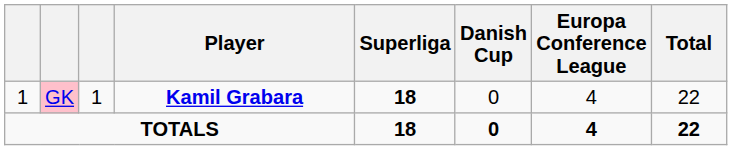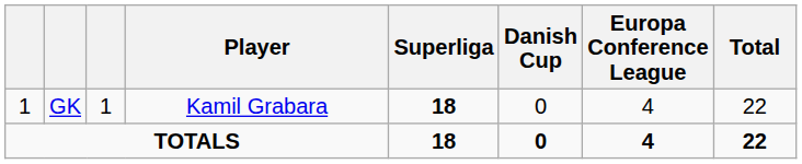 <table class="wikitable sortable" style="font-size: 95%; text-align: center;">
 <tr>
 <th width=20></th>
 <th width=20></th>
 <th width=20></th>
 <th width=175>Player</th>
 <th width=50>Superliga</th>
 <th width=50>Danish Cup</th>
 <th width=50>Europa Conference League</th>
 <th width=50>Total</th>
 </tr>
 <tr>
 <td rowspan=1>1</td>
-<td style="background: pink;"><a href='#'>GK</a></td>
+<td><a href='#'>GK</a></td>
 <td>1</td>
-<td><strong> <a href='#'>Kamil Grabara</a></strong></td>
+<td> <a href='#'>Kamil Grabara</a></td>
 <td><strong>18</strong></td>
 <td>0</td>
 <td>4</td>
 <td>22</td>
 </tr>
 <tr>
 <td colspan="4"><strong>TOTALS</strong></td>
 <td><strong>18</strong></td>
 <td><strong>0</strong></td>
 <td><strong>4</strong></td>
 <td><strong>22</strong></td>
 </tr>
 </table>
